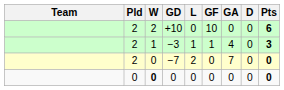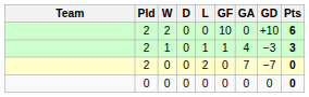 <table class="wikitable" style="text-align:center;">
 <tr>
 <th width=180>Team</th>
 <th width=20>Pld</th>
 <th width=20>W</th>
-<th width=20>GD</th>
+<th width=20>D</th>
 <th width=20>L</th>
 <th width=20>GF</th>
 <th width=20>GA</th>
-<th width=20>D</th>
+<th width=20>GD</th>
 <th width=20>Pts</th>
 </tr>
 <tr bgcolor="ccffcc">
 <td align="left"></td>
 <td>2</td>
 <td>2</td>
-<td>+10</td>
+<td>0</td>
 <td>0</td>
 <td>10</td>
 <td>0</td>
-<td>0</td>
+<td>+10</td>
 <td><strong>6</strong></td>
 </tr>
 <tr bgcolor="ccffcc">
 <td align="left"><em></em></td>
 <td>2</td>
 <td>1</td>
-<td>−3</td>
+<td>0</td>
 <td>1</td>
 <td>1</td>
 <td>4</td>
-<td>0</td>
+<td>−3</td>
 <td><strong>3</strong></td>
 </tr>
 <tr bgcolor="ffffcc">
 <td align="left"></td>
 <td>2</td>
 <td>0</td>
-<td>−7</td>
+<td>0</td>
 <td>2</td>
 <td>0</td>
 <td>7</td>
-<td>0</td>
+<td>−7</td>
 <td><strong>0</strong></td>
 </tr>
 <tr>
 <td align="left"></td>
 <td>0</td>
-<td><strong>0</strong></td>
+<td>0</td>
 <td>0</td>
 <td>0</td>
 <td>0</td>
 <td>0</td>
 <td>0</td>
 <td><strong>0</strong></td>
 </tr>
 </table>
